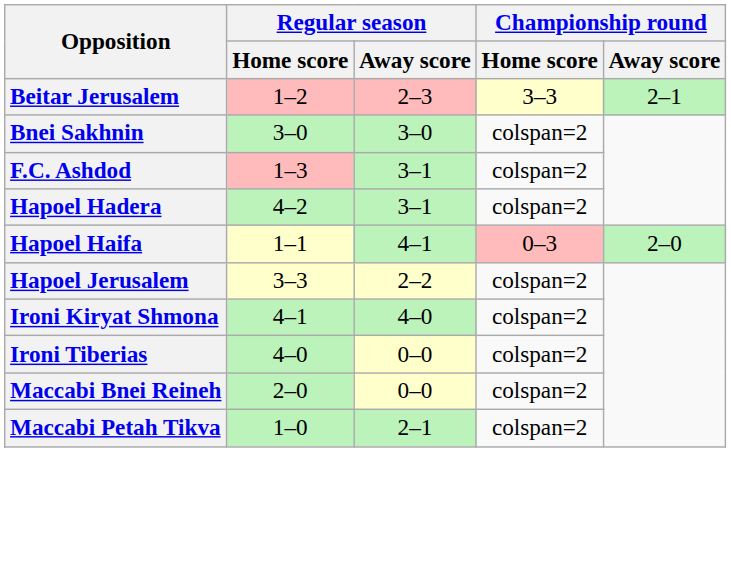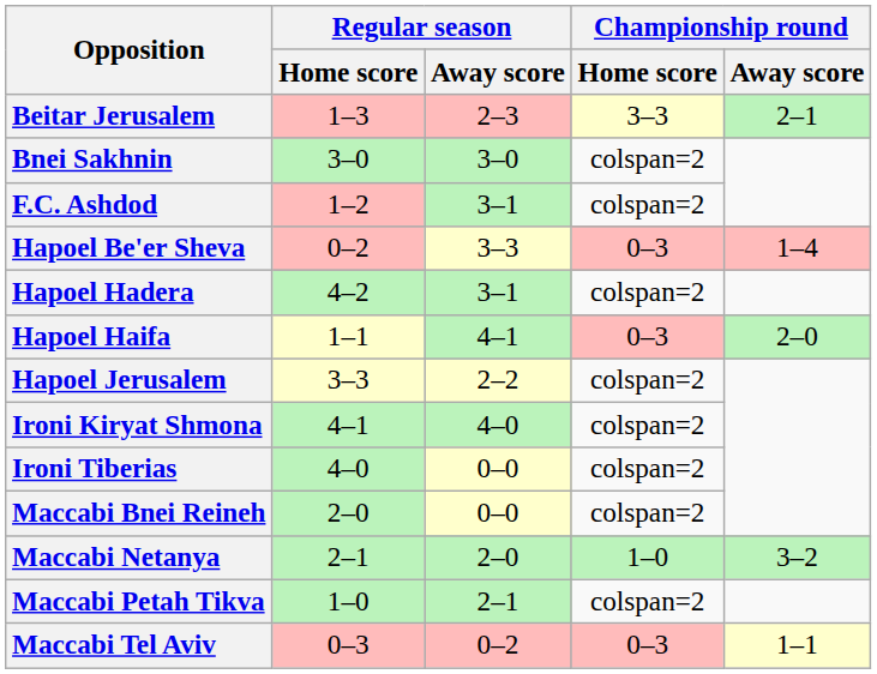 <table class="wikitable" style="text-align: center;">
 <tr>
 <th rowspan=2>Opposition</th>
 <th colspan=2><a href='#'>Regular season</a></th>
 <th colspan=2><a href='#'>Championship round</a></th>
 </tr>
 <tr>
 <th>Home score</th>
 <th>Away score</th>
 <th>Home score</th>
 <th>Away score</th>
 </tr>
 <tr>
 <th style="text-align:left"><a href='#'>Beitar Jerusalem</a></th>
-<td bgcolor=#FFBBBB>1–2</td>
+<td bgcolor=#FFBBBB>1–3</td>
 <td bgcolor=#FFBBBB>2–3</td>
 <td bgcolor=#FFFFCC>3–3</td>
 <td bgcolor=#BBF3BB>2–1</td>
 </tr>
 <tr>
 <th style="text-align:left"><a href='#'>Bnei Sakhnin</a></th>
 <td bgcolor=#BBF3BB>3–0</td>
 <td bgcolor=#BBF3BB>3–0</td>
 <td>colspan=2 </td>
 </tr>
 <tr>
 <th style="text-align:left"><a href='#'>F.C. Ashdod</a></th>
-<td bgcolor=#FFBBBB>1–3</td>
+<td bgcolor=#FFBBBB>1–2</td>
 <td bgcolor=#BBF3BB>3–1</td>
 <td>colspan=2 </td>
+</tr>
+<tr>
+<th style="text-align:left"><a href='#'>Hapoel Be'er Sheva</a></th>
+<td bgcolor=#FFBBBB>0–2</td>
+<td bgcolor=#FFFFCC>3–3</td>
+<td bgcolor=#FFBBBB>0–3</td>
+<td bgcolor=#FFBBBB>1–4</td>
 </tr>
 <tr>
 <th style="text-align:left"><a href='#'>Hapoel Hadera</a></th>
 <td bgcolor=#BBF3BB>4–2</td>
 <td bgcolor=#BBF3BB>3–1</td>
 <td>colspan=2 </td>
 </tr>
 <tr>
 <th style="text-align:left"><a href='#'>Hapoel Haifa</a></th>
 <td bgcolor=#FFFFCC>1–1</td>
 <td bgcolor=#BBF3BB>4–1</td>
 <td bgcolor=#FFBBBB>0–3</td>
 <td bgcolor=#BBF3BB>2–0</td>
 </tr>
 <tr>
 <th style="text-align:left"><a href='#'>Hapoel Jerusalem</a></th>
 <td bgcolor=#FFFFCC>3–3</td>
 <td bgcolor=#FFFFCC>2–2</td>
 <td>colspan=2 </td>
 </tr>
 <tr>
 <th style="text-align:left"><a href='#'>Ironi Kiryat Shmona</a></th>
 <td bgcolor=#BBF3BB>4–1</td>
 <td bgcolor=#BBF3BB>4–0</td>
 <td>colspan=2 </td>
 </tr>
 <tr>
 <th style="text-align:left"><a href='#'>Ironi Tiberias</a></th>
 <td bgcolor=#BBF3BB>4–0</td>
 <td bgcolor=#FFFFCC>0–0</td>
 <td>colspan=2 </td>
 </tr>
 <tr>
 <th style="text-align:left"><a href='#'>Maccabi Bnei Reineh</a></th>
 <td bgcolor=#BBF3BB>2–0</td>
 <td bgcolor=#FFFFCC>0–0</td>
 <td>colspan=2 </td>
 </tr>
 <tr>
+<th style="text-align:left"><a href='#'>Maccabi Netanya</a></th>
+<td bgcolor=#BBF3BB>2–1</td>
+<td bgcolor=#BBF3BB>2–0</td>
+<td bgcolor=#BBF3BB>1–0</td>
+<td bgcolor=#BBF3BB>3–2</td>
+</tr>
+<tr>
 <th style="text-align:left"><a href='#'>Maccabi Petah Tikva</a></th>
 <td bgcolor=#BBF3BB>1–0</td>
 <td bgcolor=#BBF3BB>2–1</td>
 <td>colspan=2 </td>
 </tr>
+<tr>
+<th style="text-align:left"><a href='#'>Maccabi Tel Aviv</a></th>
+<td bgcolor=#FFBBBB>0–3</td>
+<td bgcolor=#FFBBBB>0–2</td>
+<td bgcolor=#FFBBBB>0–3</td>
+<td bgcolor=#FFFFCC>1–1</td>
+</tr>
 </table>
